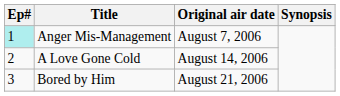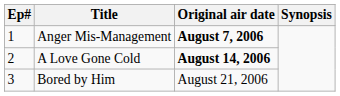 <table class="wikitable">
 <tr>
 <th>Ep#</th>
 <th>Title</th>
 <th>Original air date</th>
 <th>Synopsis</th>
 </tr>
 <tr>
-<td style="background: paleturquoise;">1</td>
+<td>1</td>
 <td>Anger Mis-Management</td>
-<td>August 7, 2006</td>
+<td><strong>August 7, 2006</strong></td>
 </tr>
 <tr>
 <td>2</td>
 <td>A Love Gone Cold</td>
-<td>August 14, 2006</td>
+<td><strong>August 14, 2006</strong></td>
 </tr>
 <tr>
 <td>3</td>
 <td>Bored by Him</td>
 <td>August 21, 2006</td>
 </tr>
 </table>
